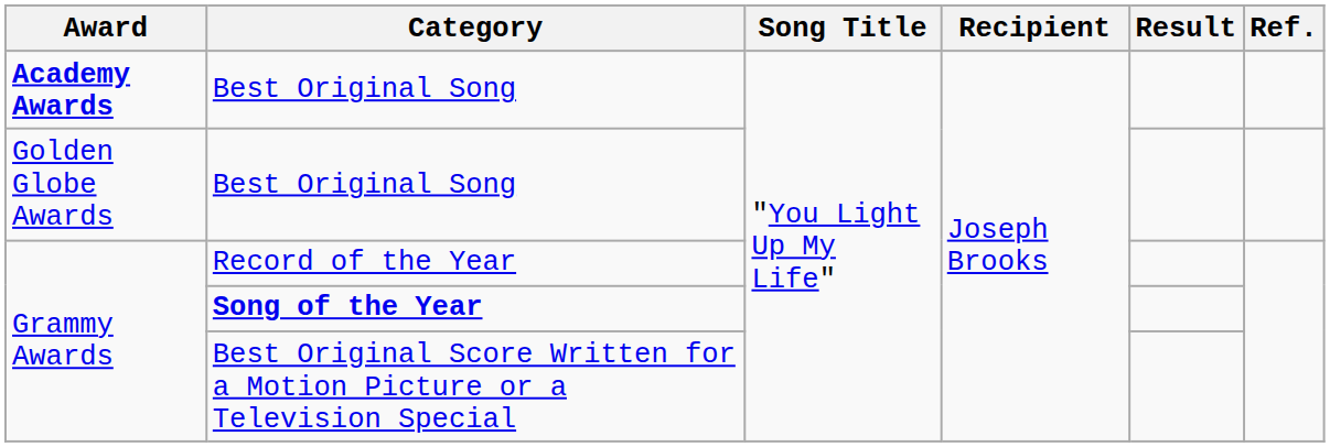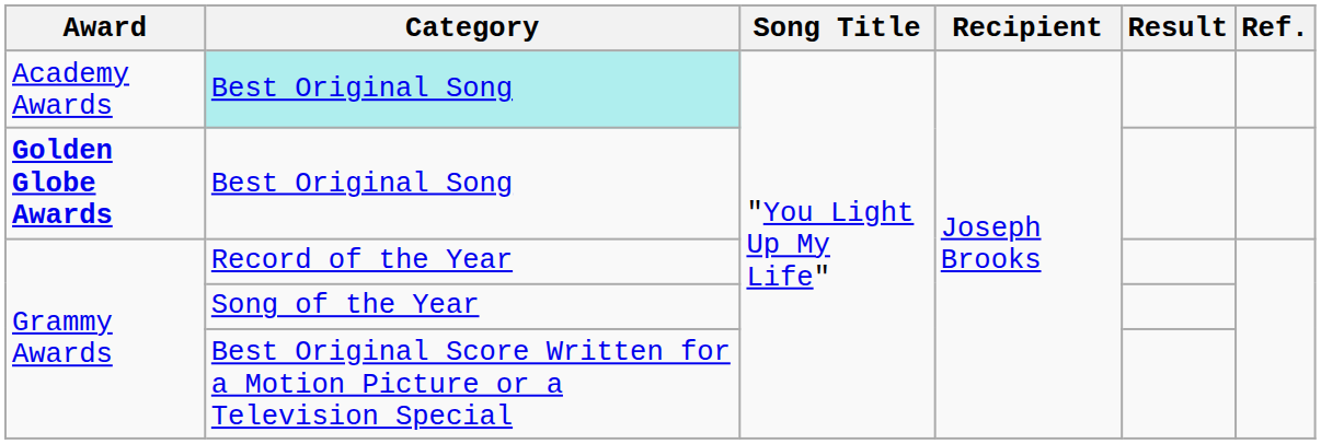 <table class="wikitable plainrowheaders">
 <tr>
 <th>Award</th>
 <th>Category</th>
 <th>Song Title</th>
 <th>Recipient</th>
 <th>Result</th>
 <th>Ref.</th>
 </tr>
 <tr>
-<td><strong><a href='#'>Academy Awards</a></strong></td>
-<td><a href='#'>Best Original Song</a></td>
+<td><a href='#'>Academy Awards</a></td>
+<td style="background: paleturquoise;"><a href='#'>Best Original Song</a></td>
 <td rowspan="6">"<a href='#'>You Light Up My Life</a>"</td>
 <td rowspan="6"><a href='#'>Joseph Brooks</a></td>
 <td></td>
 <td align="center"></td>
 </tr>
 <tr>
-<td><a href='#'>Golden Globe Awards</a></td>
+<td><strong><a href='#'>Golden Globe Awards</a></strong></td>
 <td><a href='#'>Best Original Song</a></td>
 <td></td>
 <td align="center"></td>
 </tr>
 <tr>
 <td rowspan="3"><a href='#'>Grammy Awards</a></td>
 <td><a href='#'>Record of the Year</a></td>
 <td></td>
 <td align="center" rowspan="3"></td>
 </tr>
 <tr>
-<td><strong><a href='#'>Song of the Year</a></strong></td>
+<td><a href='#'>Song of the Year</a></td>
 <td></td>
 </tr>
 <tr>
 <td><a href='#'>Best Original Score Written for a Motion Picture or a Television Special</a></td>
 <td></td>
 </tr>
 </table>
